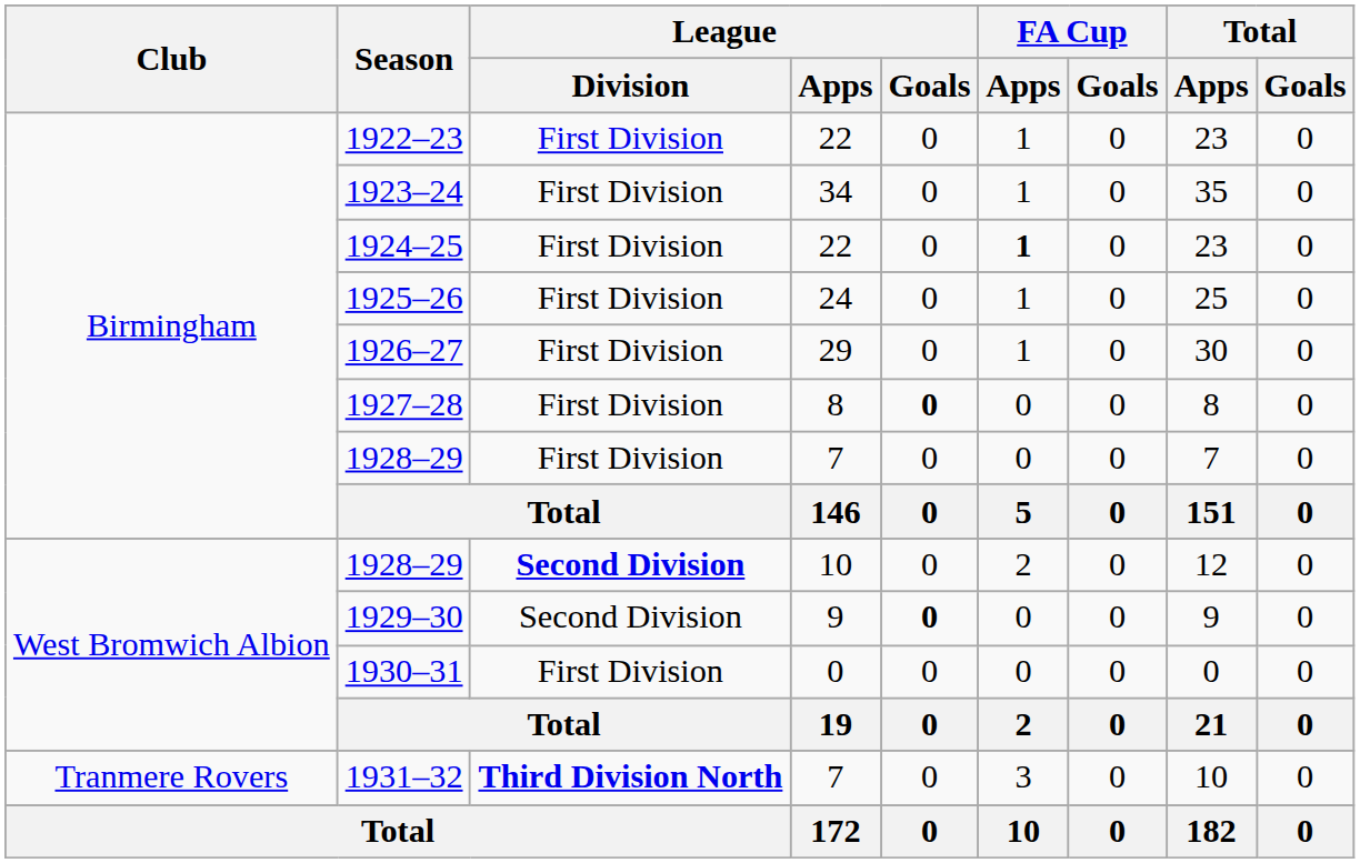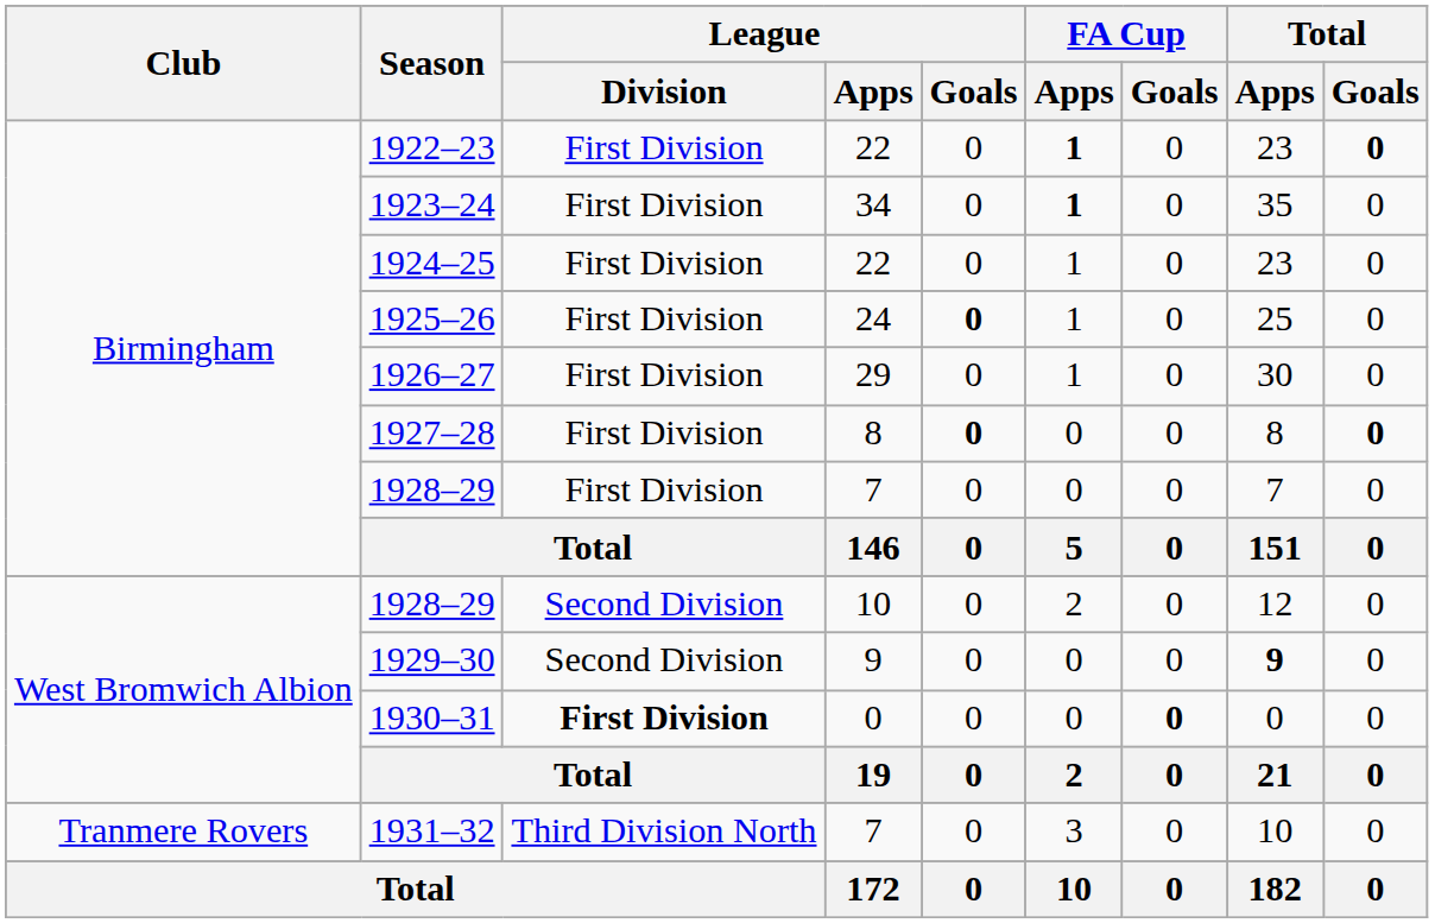 <table class=wikitable style=text-align:center>
 <tr>
 <th rowspan="2">Club</th>
 <th rowspan="2">Season</th>
 <th colspan="3">League</th>
 <th colspan="2"><a href='#'>FA Cup</a></th>
 <th colspan="2">Total</th>
 </tr>
 <tr>
 <th>Division</th>
 <th>Apps</th>
 <th>Goals</th>
 <th>Apps</th>
 <th>Goals</th>
 <th>Apps</th>
 <th>Goals</th>
 </tr>
 <tr>
 <td rowspan="8"><a href='#'>Birmingham</a></td>
 <td><a href='#'>1922–23</a></td>
 <td><a href='#'>First Division</a></td>
 <td>22</td>
 <td>0</td>
-<td>1</td>
+<td><strong>1</strong></td>
 <td>0</td>
 <td>23</td>
-<td>0</td>
+<td><strong>0</strong></td>
 </tr>
 <tr>
 <td><a href='#'>1923–24</a></td>
 <td>First Division</td>
 <td>34</td>
 <td>0</td>
-<td>1</td>
+<td><strong>1</strong></td>
 <td>0</td>
 <td>35</td>
 <td>0</td>
 </tr>
 <tr>
 <td><a href='#'>1924–25</a></td>
 <td>First Division</td>
 <td>22</td>
 <td>0</td>
-<td><strong>1</strong></td>
+<td>1</td>
 <td>0</td>
 <td>23</td>
 <td>0</td>
 </tr>
 <tr>
 <td><a href='#'>1925–26</a></td>
 <td>First Division</td>
 <td>24</td>
-<td>0</td>
+<td><strong>0</strong></td>
 <td>1</td>
 <td>0</td>
 <td>25</td>
 <td>0</td>
 </tr>
 <tr>
 <td><a href='#'>1926–27</a></td>
 <td>First Division</td>
 <td>29</td>
 <td>0</td>
 <td>1</td>
 <td>0</td>
 <td>30</td>
 <td>0</td>
 </tr>
 <tr>
 <td><a href='#'>1927–28</a></td>
 <td>First Division</td>
 <td>8</td>
 <td><strong>0</strong></td>
 <td>0</td>
 <td>0</td>
 <td>8</td>
-<td>0</td>
+<td><strong>0</strong></td>
 </tr>
 <tr>
 <td><a href='#'>1928–29</a></td>
 <td>First Division</td>
 <td>7</td>
 <td>0</td>
 <td>0</td>
 <td>0</td>
 <td>7</td>
 <td>0</td>
 </tr>
 <tr>
 <th colspan="2">Total</th>
 <th>146</th>
 <th>0</th>
 <th>5</th>
 <th>0</th>
 <th>151</th>
 <th>0</th>
 </tr>
 <tr>
 <td rowspan="4"><a href='#'>West Bromwich Albion</a></td>
 <td><a href='#'>1928–29</a></td>
-<td><strong><a href='#'>Second Division</a></strong></td>
+<td><a href='#'>Second Division</a></td>
 <td>10</td>
 <td>0</td>
 <td>2</td>
 <td>0</td>
 <td>12</td>
 <td>0</td>
 </tr>
 <tr>
 <td><a href='#'>1929–30</a></td>
 <td>Second Division</td>
 <td>9</td>
-<td><strong>0</strong></td>
 <td>0</td>
 <td>0</td>
-<td>9</td>
+<td>0</td>
+<td><strong>9</strong></td>
 <td>0</td>
 </tr>
 <tr>
 <td><a href='#'>1930–31</a></td>
-<td>First Division</td>
+<td><strong>First Division</strong></td>
 <td>0</td>
 <td>0</td>
 <td>0</td>
-<td>0</td>
+<td><strong>0</strong></td>
 <td>0</td>
 <td>0</td>
 </tr>
 <tr>
 <th colspan="2">Total</th>
 <th>19</th>
 <th>0</th>
 <th>2</th>
 <th>0</th>
 <th>21</th>
 <th>0</th>
 </tr>
 <tr>
 <td><a href='#'>Tranmere Rovers</a></td>
 <td><a href='#'>1931–32</a></td>
-<td><strong><a href='#'>Third Division North</a></strong></td>
+<td><a href='#'>Third Division North</a></td>
 <td>7</td>
 <td>0</td>
 <td>3</td>
 <td>0</td>
 <td>10</td>
 <td>0</td>
 </tr>
 <tr>
 <th colspan="3">Total</th>
 <th>172</th>
 <th>0</th>
 <th>10</th>
 <th>0</th>
 <th>182</th>
 <th>0</th>
 </tr>
 </table>
